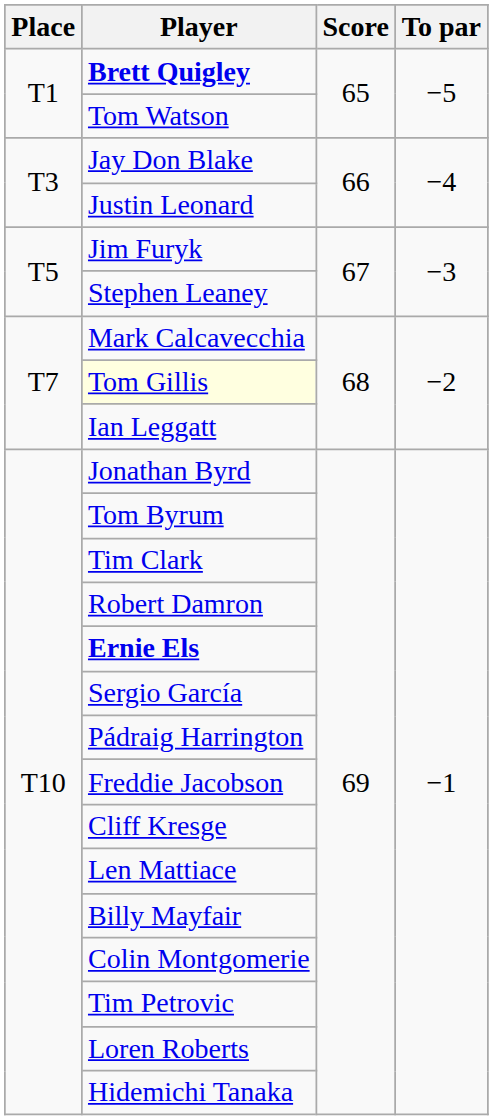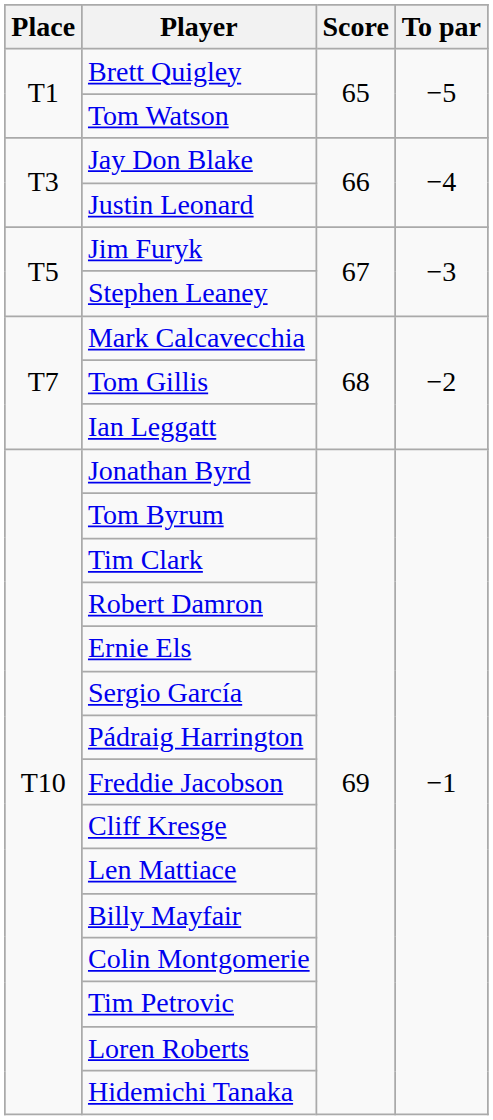 <table class="wikitable">
 <tr>
 <th>Place</th>
 <th>Player</th>
 <th>Score</th>
 <th>To par</th>
 </tr>
 <tr>
 <td rowspan="2" align=center>T1</td>
-<td><strong> <a href='#'>Brett Quigley</a></strong></td>
+<td> <a href='#'>Brett Quigley</a></td>
 <td rowspan="2" align=center>65</td>
 <td rowspan="2" align=center>−5</td>
 </tr>
 <tr>
 <td> <a href='#'>Tom Watson</a></td>
 </tr>
 <tr>
 <td rowspan="2" align=center>T3</td>
 <td> <a href='#'>Jay Don Blake</a></td>
 <td rowspan="2" align=center>66</td>
 <td rowspan="2" align=center>−4</td>
 </tr>
 <tr>
 <td> <a href='#'>Justin Leonard</a></td>
 </tr>
 <tr>
 <td rowspan="2" align=center>T5</td>
 <td> <a href='#'>Jim Furyk</a></td>
 <td rowspan="2" align=center>67</td>
 <td rowspan="2" align=center>−3</td>
 </tr>
 <tr>
 <td> <a href='#'>Stephen Leaney</a></td>
 </tr>
 <tr>
 <td rowspan="3" align=center>T7</td>
 <td> <a href='#'>Mark Calcavecchia</a></td>
 <td rowspan="3" align=center>68</td>
 <td rowspan="3" align=center>−2</td>
 </tr>
 <tr>
-<td style="background: lightyellow;"> <a href='#'>Tom Gillis</a></td>
+<td> <a href='#'>Tom Gillis</a></td>
 </tr>
 <tr>
 <td> <a href='#'>Ian Leggatt</a></td>
 </tr>
 <tr>
 <td rowspan="15" align=center>T10</td>
 <td> <a href='#'>Jonathan Byrd</a></td>
 <td rowspan="15" align=center>69</td>
 <td rowspan="15" align=center>−1</td>
 </tr>
 <tr>
 <td> <a href='#'>Tom Byrum</a></td>
 </tr>
 <tr>
 <td> <a href='#'>Tim Clark</a></td>
 </tr>
 <tr>
 <td> <a href='#'>Robert Damron</a></td>
 </tr>
 <tr>
-<td><strong> <a href='#'>Ernie Els</a></strong></td>
+<td> <a href='#'>Ernie Els</a></td>
 </tr>
 <tr>
 <td> <a href='#'>Sergio García</a></td>
 </tr>
 <tr>
 <td> <a href='#'>Pádraig Harrington</a></td>
 </tr>
 <tr>
 <td> <a href='#'>Freddie Jacobson</a></td>
 </tr>
 <tr>
 <td> <a href='#'>Cliff Kresge</a></td>
 </tr>
 <tr>
 <td> <a href='#'>Len Mattiace</a></td>
 </tr>
 <tr>
 <td> <a href='#'>Billy Mayfair</a></td>
 </tr>
 <tr>
 <td> <a href='#'>Colin Montgomerie</a></td>
 </tr>
 <tr>
 <td> <a href='#'>Tim Petrovic</a></td>
 </tr>
 <tr>
 <td> <a href='#'>Loren Roberts</a></td>
 </tr>
 <tr>
 <td> <a href='#'>Hidemichi Tanaka</a></td>
 </tr>
 </table>
